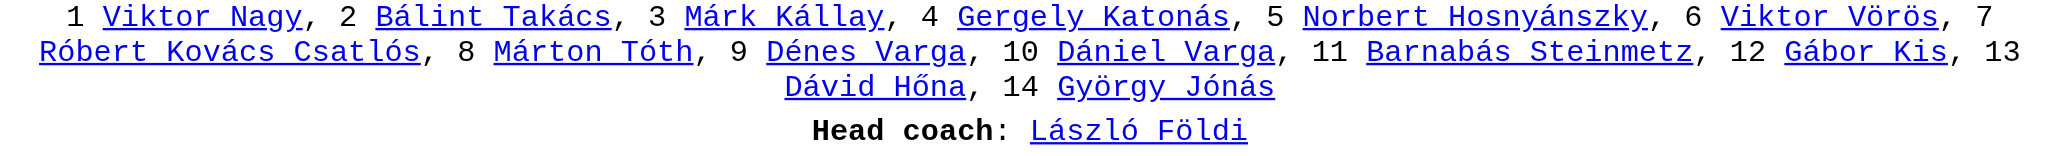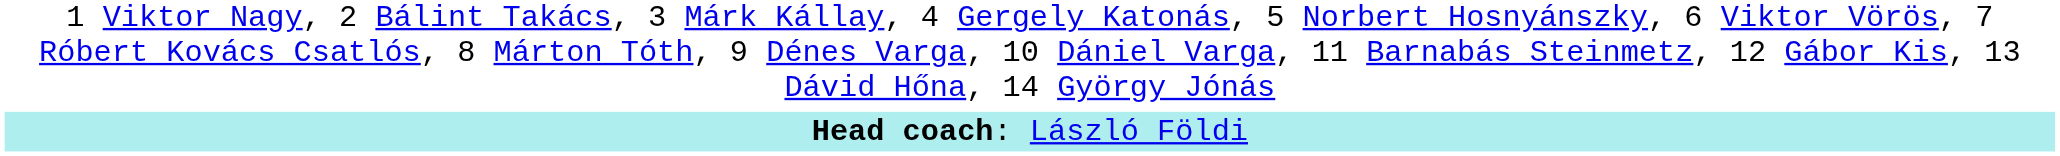 <table style="text-align: center; margin-top: 2em; margin-left: auto; margin-right: auto">
 <tr>
 <td>1 <a href='#'>Viktor Nagy</a>, 2 <a href='#'>Bálint Takács</a>, 3 <a href='#'>Márk Kállay</a>, 4 <a href='#'>Gergely Katonás</a>, 5 <a href='#'>Norbert Hosnyánszky</a>, 6 <a href='#'>Viktor Vörös</a>, 7 <a href='#'>Róbert Kovács Csatlós</a>, 8 <a href='#'>Márton Tóth</a>, 9 <a href='#'>Dénes Varga</a>, 10 <a href='#'>Dániel Varga</a>, 11 <a href='#'>Barnabás Steinmetz</a>, 12 <a href='#'>Gábor Kis</a>, 13 <a href='#'>Dávid Hőna</a>, 14 <a href='#'>György Jónás</a></td>
 </tr>
 <tr>
-<td><strong>Head coach</strong>: <a href='#'>László Földi</a></td>
+<td style="background: paleturquoise;"><strong>Head coach</strong>: <a href='#'>László Földi</a></td>
 </tr>
 </table>
